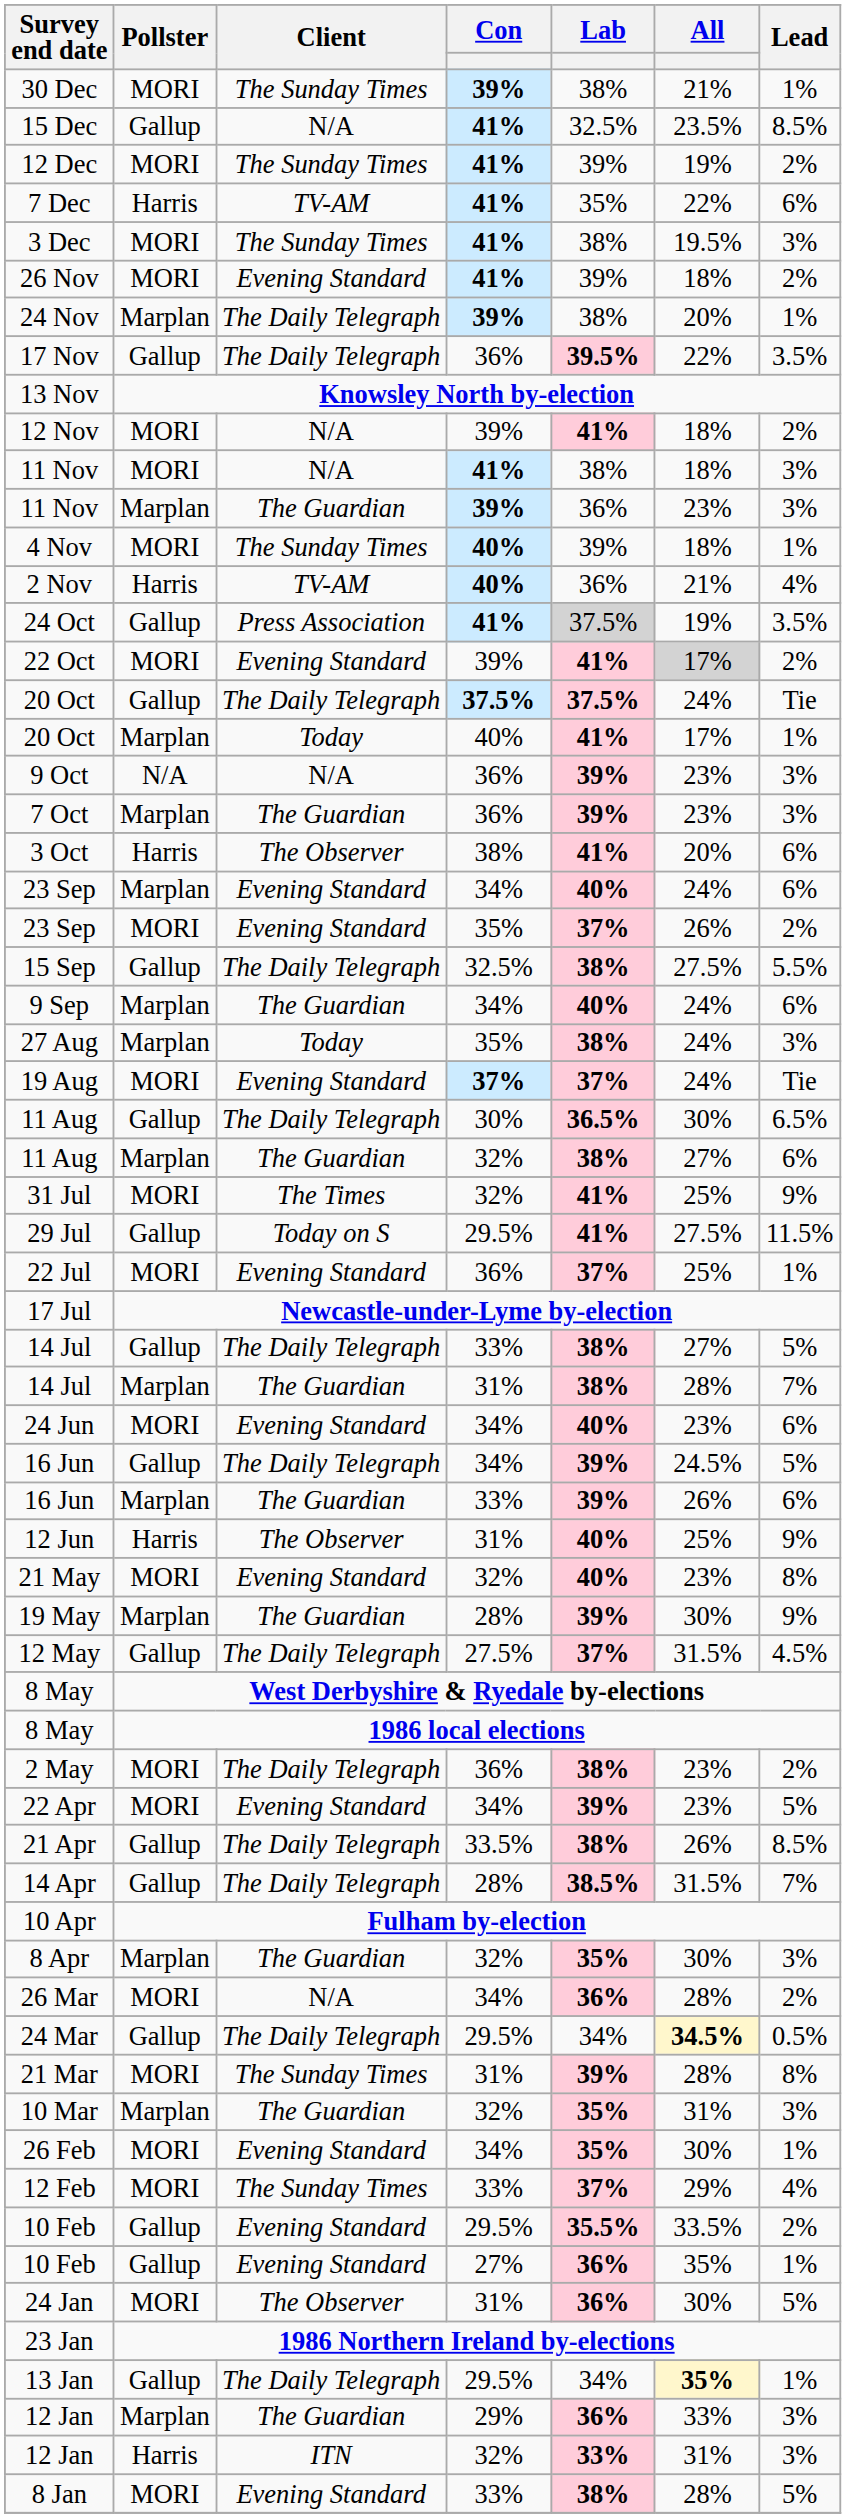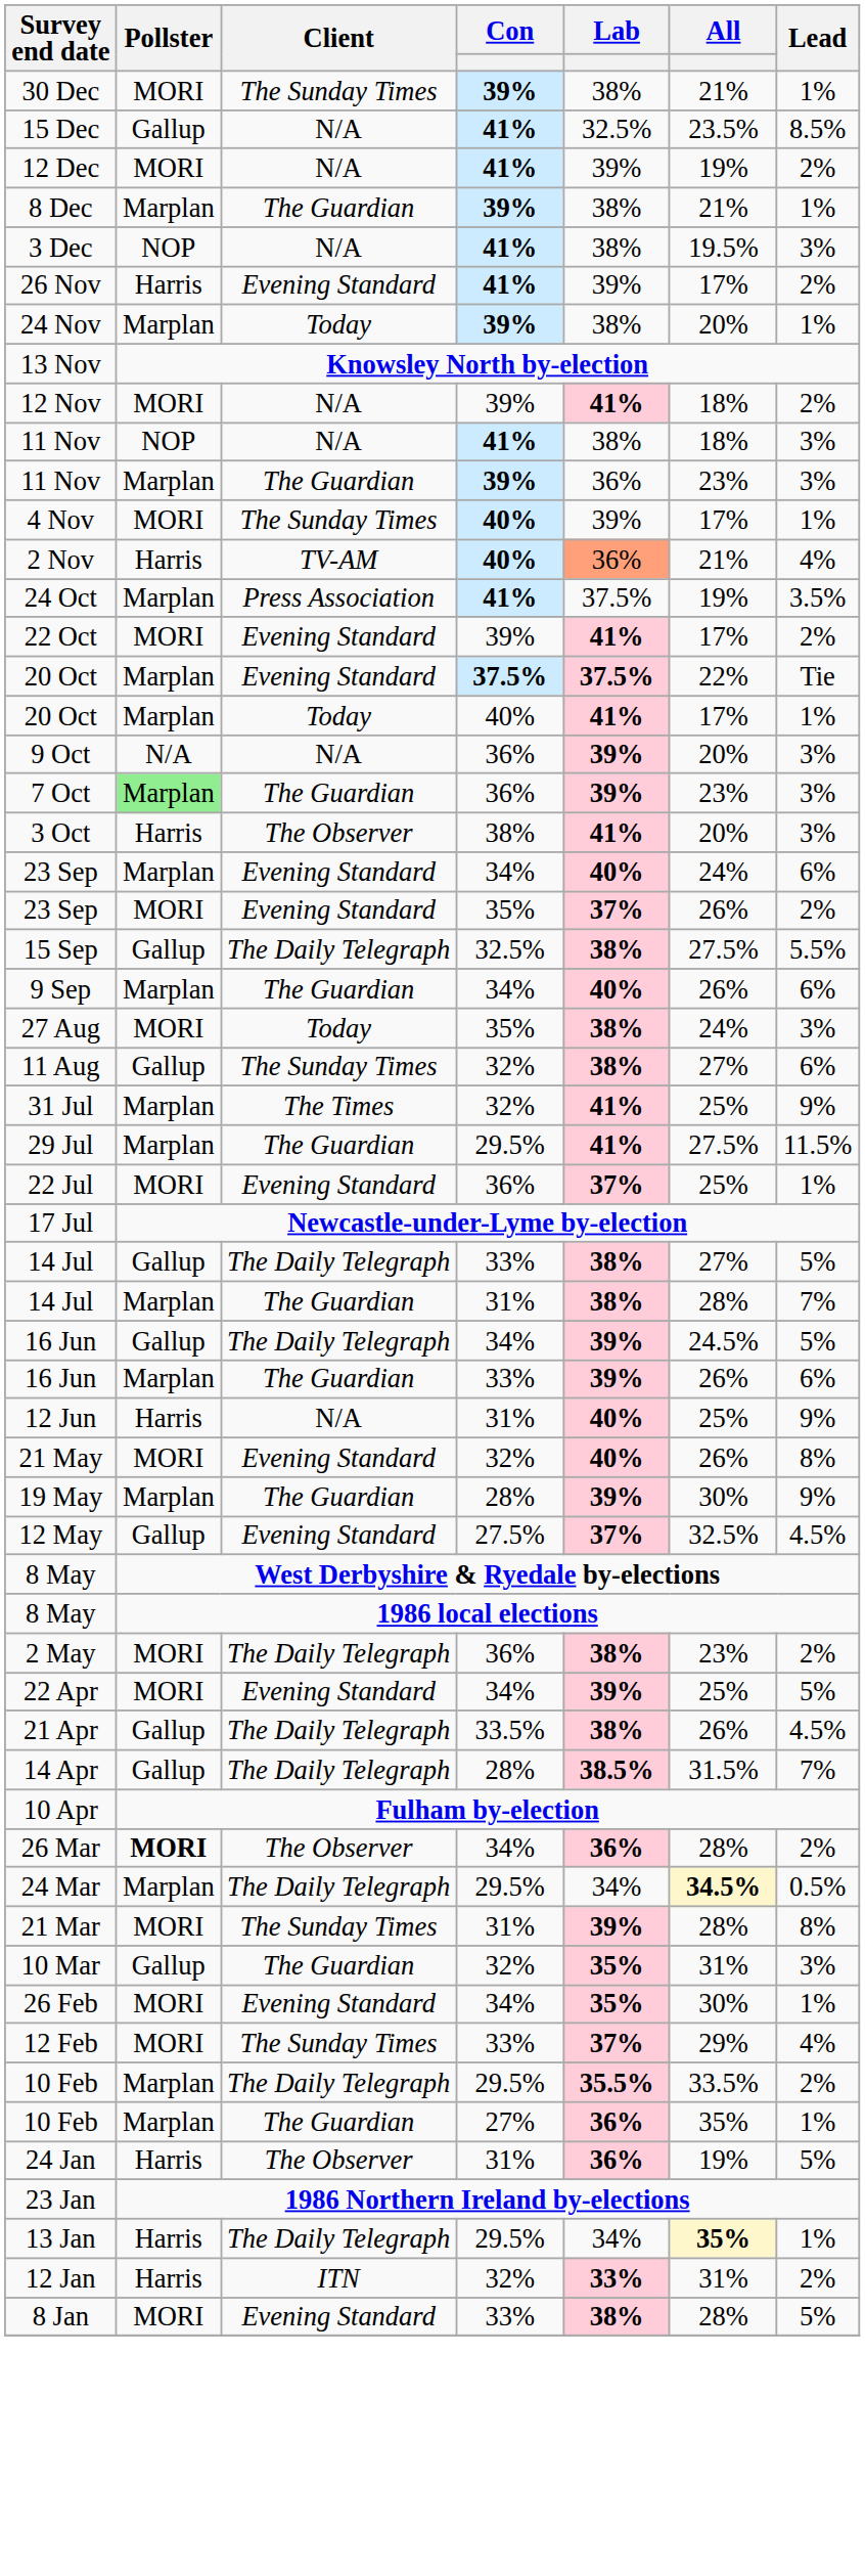 <table class="wikitable sortable mw-datatable" style="text-align:center;font-size:90%;line-height:14px;">
 <tr>
 <th rowspan="2">Survey<br>end date</th>
 <th rowspan="2">Pollster</th>
 <th rowspan="2">Client</th>
 <th class="unsortable" style="width:50px;"><a href='#'>Con</a></th>
 <th class="unsortable" style="width:50px;"><a href='#'>Lab</a></th>
 <th class="unsortable" style="width:50px;"><a href='#'>All</a></th>
 <th rowspan="2">Lead</th>
 </tr>
 <tr>
 <th style="background:"></th>
 <th style="background:"></th>
 <th style="background:"></th>
 </tr>
 <tr>
 <td>30 Dec</td>
 <td>MORI</td>
 <td><em>The Sunday Times</em></td>
 <td style="background:#CCEBFF;"><strong>39%</strong></td>
 <td>38%</td>
 <td>21%</td>
 <td style="background:">1%</td>
 </tr>
 <tr>
 <td>15 Dec</td>
 <td>Gallup</td>
 <td>N/A</td>
 <td style="background:#CCEBFF;"><strong>41%</strong></td>
 <td>32.5%</td>
 <td>23.5%</td>
 <td style="background:">8.5%</td>
 </tr>
 <tr>
 <td>12 Dec</td>
 <td>MORI</td>
-<td><em>The Sunday Times</em></td>
+<td>N/A</td>
 <td style="background:#CCEBFF;"><strong>41%</strong></td>
 <td>39%</td>
 <td>19%</td>
 <td style="background:">2%</td>
 </tr>
 <tr>
-<td>7 Dec</td>
-<td>Harris</td>
-<td><em>TV-AM</em></td>
-<td style="background:#CCEBFF;"><strong>41%</strong></td>
-<td>35%</td>
-<td>22%</td>
-<td style="background:">6%</td>
+<td>8 Dec</td>
+<td>Marplan</td>
+<td><em>The Guardian</em></td>
+<td style="background:#CCEBFF;"><strong>39%</strong></td>
+<td>38%</td>
+<td>21%</td>
+<td style="background:">1%</td>
 </tr>
 <tr>
 <td>3 Dec</td>
-<td>MORI</td>
-<td><em>The Sunday Times</em></td>
+<td>NOP</td>
+<td>N/A</td>
 <td style="background:#CCEBFF;"><strong>41%</strong></td>
 <td>38%</td>
 <td>19.5%</td>
 <td style="background:">3%</td>
 </tr>
 <tr>
 <td>26 Nov</td>
-<td>MORI</td>
+<td>Harris</td>
 <td><em>Evening Standard</em></td>
 <td style="background:#CCEBFF;"><strong>41%</strong></td>
 <td>39%</td>
-<td>18%</td>
+<td>17%</td>
 <td style="background:">2%</td>
 </tr>
 <tr>
 <td>24 Nov</td>
 <td>Marplan</td>
-<td><em>The Daily Telegraph</em></td>
+<td><em>Today</em></td>
 <td style="background:#CCEBFF;"><strong>39%</strong></td>
 <td>38%</td>
 <td>20%</td>
 <td style="background:">1%</td>
-</tr>
-<tr>
-<td>17 Nov</td>
-<td>Gallup</td>
-<td><em>The Daily Telegraph</em></td>
-<td>36%</td>
-<td style="background:#FFCCDA;"><strong>39.5%</strong></td>
-<td>22%</td>
-<td style="background:">3.5%</td>
 </tr>
 <tr>
 <td>13 Nov</td>
 <td colspan="6"><a href='#'><strong>Knowsley North by-election</strong></a></td>
 </tr>
 <tr>
 <td>12 Nov</td>
 <td>MORI</td>
 <td>N/A</td>
 <td>39%</td>
 <td style="background:#FFCCDA;"><strong>41%</strong></td>
 <td>18%</td>
 <td style="background:">2%</td>
 </tr>
 <tr>
 <td>11 Nov</td>
-<td>MORI</td>
+<td>NOP</td>
 <td>N/A</td>
 <td style="background:#CCEBFF;"><strong>41%</strong></td>
 <td>38%</td>
 <td>18%</td>
 <td style="background:">3%</td>
 </tr>
 <tr>
 <td>11 Nov</td>
 <td>Marplan</td>
 <td><em>The Guardian</em></td>
 <td style="background:#CCEBFF;"><strong>39%</strong></td>
 <td>36%</td>
 <td>23%</td>
 <td style="background:">3%</td>
 </tr>
 <tr>
 <td>4 Nov</td>
 <td>MORI</td>
 <td><em>The Sunday Times</em></td>
 <td style="background:#CCEBFF;"><strong>40%</strong></td>
 <td>39%</td>
-<td>18%</td>
+<td>17%</td>
 <td style="background:">1%</td>
 </tr>
 <tr>
 <td>2 Nov</td>
 <td>Harris</td>
 <td><em>TV-AM</em></td>
 <td style="background:#CCEBFF;"><strong>40%</strong></td>
-<td>36%</td>
+<td style="background: lightsalmon;">36%</td>
 <td>21%</td>
 <td style="background:">4%</td>
 </tr>
 <tr>
 <td>24 Oct</td>
-<td>Gallup</td>
+<td>Marplan</td>
 <td><em>Press Association</em></td>
 <td style="background:#CCEBFF;"><strong>41%</strong></td>
-<td style="background: lightgrey;">37.5%</td>
+<td>37.5%</td>
 <td>19%</td>
 <td style="background:">3.5%</td>
 </tr>
 <tr>
 <td>22 Oct</td>
 <td>MORI</td>
 <td><em>Evening Standard</em></td>
 <td>39%</td>
 <td style="background:#FFCCDA;"><strong>41%</strong></td>
-<td style="background: lightgrey;">17%</td>
+<td>17%</td>
 <td style="background:">2%</td>
 </tr>
 <tr>
 <td>20 Oct</td>
-<td>Gallup</td>
-<td><em>The Daily Telegraph</em></td>
+<td>Marplan</td>
+<td><em>Evening Standard</em></td>
 <td style="background:#CCEBFF;"><strong>37.5%</strong></td>
 <td style="background:#FFCCDA;"><strong>37.5%</strong></td>
-<td>24%</td>
+<td>22%</td>
 <td>Tie</td>
 </tr>
 <tr>
 <td>20 Oct</td>
 <td>Marplan</td>
 <td><em>Today</em></td>
 <td>40%</td>
 <td style="background:#FFCCDA;"><strong>41%</strong></td>
 <td>17%</td>
 <td style="background:">1%</td>
 </tr>
 <tr>
 <td>9 Oct</td>
 <td>N/A</td>
 <td>N/A</td>
 <td>36%</td>
 <td style="background:#FFCCDA;"><strong>39%</strong></td>
-<td>23%</td>
+<td>20%</td>
 <td style="background:">3%</td>
 </tr>
 <tr>
 <td>7 Oct</td>
-<td>Marplan</td>
+<td style="background: lightgreen;">Marplan</td>
 <td><em>The Guardian</em></td>
 <td>36%</td>
 <td style="background:#FFCCDA;"><strong>39%</strong></td>
 <td>23%</td>
 <td style="background:">3%</td>
 </tr>
 <tr>
 <td>3 Oct</td>
 <td>Harris</td>
 <td><em>The Observer</em></td>
 <td>38%</td>
 <td style="background:#FFCCDA;"><strong>41%</strong></td>
 <td>20%</td>
-<td style="background:">6%</td>
+<td style="background:">3%</td>
 </tr>
 <tr>
 <td>23 Sep</td>
 <td>Marplan</td>
 <td><em>Evening Standard</em></td>
 <td>34%</td>
 <td style="background:#FFCCDA;"><strong>40%</strong></td>
 <td>24%</td>
 <td style="background:">6%</td>
 </tr>
 <tr>
 <td>23 Sep</td>
 <td>MORI</td>
 <td><em>Evening Standard</em></td>
 <td>35%</td>
 <td style="background:#FFCCDA;"><strong>37%</strong></td>
 <td>26%</td>
 <td style="background:">2%</td>
 </tr>
 <tr>
 <td>15 Sep</td>
 <td>Gallup</td>
 <td><em>The Daily Telegraph</em></td>
 <td>32.5%</td>
 <td style="background:#FFCCDA;"><strong>38%</strong></td>
 <td>27.5%</td>
 <td style="background:">5.5%</td>
 </tr>
 <tr>
 <td>9 Sep</td>
 <td>Marplan</td>
 <td><em>The Guardian</em></td>
 <td>34%</td>
 <td style="background:#FFCCDA;"><strong>40%</strong></td>
-<td>24%</td>
+<td>26%</td>
 <td style="background:">6%</td>
 </tr>
 <tr>
 <td>27 Aug</td>
-<td>Marplan</td>
+<td>MORI</td>
 <td><em>Today</em></td>
 <td>35%</td>
 <td style="background:#FFCCDA;"><strong>38%</strong></td>
 <td>24%</td>
 <td style="background:">3%</td>
 </tr>
 <tr>
-<td>19 Aug</td>
-<td>MORI</td>
-<td><em>Evening Standard</em></td>
-<td style="background:#CCEBFF;"><strong>37%</strong></td>
-<td style="background:#FFCCDA;"><strong>37%</strong></td>
-<td>24%</td>
-<td>Tie</td>
-</tr>
-<tr>
 <td>11 Aug</td>
 <td>Gallup</td>
-<td><em>The Daily Telegraph</em></td>
-<td>30%</td>
-<td style="background:#FFCCDA;"><strong>36.5%</strong></td>
-<td>30%</td>
-<td style="background:">6.5%</td>
-</tr>
-<tr>
-<td>11 Aug</td>
-<td>Marplan</td>
-<td><em>The Guardian</em></td>
+<td><em>The Sunday Times</em></td>
 <td>32%</td>
 <td style="background:#FFCCDA;"><strong>38%</strong></td>
 <td>27%</td>
 <td style="background:">6%</td>
 </tr>
 <tr>
 <td>31 Jul</td>
-<td>MORI</td>
+<td>Marplan</td>
 <td><em>The Times</em></td>
 <td>32%</td>
 <td style="background:#FFCCDA;"><strong>41%</strong></td>
 <td>25%</td>
 <td style="background:">9%</td>
 </tr>
 <tr>
 <td>29 Jul</td>
-<td>Gallup</td>
-<td><em>Today on S</em></td>
+<td>Marplan</td>
+<td><em>The Guardian</em></td>
 <td>29.5%</td>
 <td style="background:#FFCCDA;"><strong>41%</strong></td>
 <td>27.5%</td>
 <td style="background:">11.5%</td>
 </tr>
 <tr>
 <td>22 Jul</td>
 <td>MORI</td>
 <td><em>Evening Standard</em></td>
 <td>36%</td>
 <td style="background:#FFCCDA;"><strong>37%</strong></td>
 <td>25%</td>
 <td style="background:">1%</td>
 </tr>
 <tr>
 <td>17 Jul</td>
 <td colspan="6"><a href='#'><strong>Newcastle-under-Lyme by-election</strong></a></td>
 </tr>
 <tr>
 <td>14 Jul</td>
 <td>Gallup</td>
 <td><em>The Daily Telegraph</em></td>
 <td>33%</td>
 <td style="background:#FFCCDA;"><strong>38%</strong></td>
 <td>27%</td>
 <td style="background:">5%</td>
 </tr>
 <tr>
 <td>14 Jul</td>
 <td>Marplan</td>
 <td><em>The Guardian</em></td>
 <td>31%</td>
 <td style="background:#FFCCDA;"><strong>38%</strong></td>
 <td>28%</td>
 <td style="background:">7%</td>
 </tr>
 <tr>
-<td>24 Jun</td>
-<td>MORI</td>
-<td><em>Evening Standard</em></td>
-<td>34%</td>
-<td style="background:#FFCCDA;"><strong>40%</strong></td>
-<td>23%</td>
-<td style="background:">6%</td>
-</tr>
-<tr>
 <td>16 Jun</td>
 <td>Gallup</td>
 <td><em>The Daily Telegraph</em></td>
 <td>34%</td>
 <td style="background:#FFCCDA;"><strong>39%</strong></td>
 <td>24.5%</td>
 <td style="background:">5%</td>
 </tr>
 <tr>
 <td>16 Jun</td>
 <td>Marplan</td>
 <td><em>The Guardian</em></td>
 <td>33%</td>
 <td style="background:#FFCCDA;"><strong>39%</strong></td>
 <td>26%</td>
 <td style="background:">6%</td>
 </tr>
 <tr>
 <td>12 Jun</td>
 <td>Harris</td>
-<td><em>The Observer</em></td>
+<td>N/A</td>
 <td>31%</td>
 <td style="background:#FFCCDA;"><strong>40%</strong></td>
 <td>25%</td>
 <td style="background:">9%</td>
 </tr>
 <tr>
 <td>21 May</td>
 <td>MORI</td>
 <td><em>Evening Standard</em></td>
 <td>32%</td>
 <td style="background:#FFCCDA;"><strong>40%</strong></td>
-<td>23%</td>
+<td>26%</td>
 <td style="background:">8%</td>
 </tr>
 <tr>
 <td>19 May</td>
 <td>Marplan</td>
 <td><em>The Guardian</em></td>
 <td>28%</td>
 <td style="background:#FFCCDA;"><strong>39%</strong></td>
 <td>30%</td>
 <td style="background:">9%</td>
 </tr>
 <tr>
 <td>12 May</td>
 <td>Gallup</td>
-<td><em>The Daily Telegraph</em></td>
+<td><em>Evening Standard</em></td>
 <td>27.5%</td>
 <td style="background:#FFCCDA;"><strong>37%</strong></td>
-<td>31.5%</td>
+<td>32.5%</td>
 <td style="background:">4.5%</td>
 </tr>
 <tr>
 <td>8 May</td>
 <td colspan="6"><strong><a href='#'>West Derbyshire</a> & <a href='#'>Ryedale</a> by-elections</strong></td>
 </tr>
 <tr>
 <td>8 May</td>
 <td colspan="6"><a href='#'><strong>1986 local elections</strong></a></td>
 </tr>
 <tr>
 <td>2 May</td>
 <td>MORI</td>
 <td><em>The Daily Telegraph</em></td>
 <td>36%</td>
 <td style="background:#FFCCDA;"><strong>38%</strong></td>
 <td>23%</td>
 <td style="background:">2%</td>
 </tr>
 <tr>
 <td>22 Apr</td>
 <td>MORI</td>
 <td><em>Evening Standard</em></td>
 <td>34%</td>
 <td style="background:#FFCCDA;"><strong>39%</strong></td>
-<td>23%</td>
+<td>25%</td>
 <td style="background:">5%</td>
 </tr>
 <tr>
 <td>21 Apr</td>
 <td>Gallup</td>
 <td><em>The Daily Telegraph</em></td>
 <td>33.5%</td>
 <td style="background:#FFCCDA;"><strong>38%</strong></td>
 <td>26%</td>
-<td style="background:">8.5%</td>
+<td style="background:">4.5%</td>
 </tr>
 <tr>
 <td>14 Apr</td>
 <td>Gallup</td>
 <td><em>The Daily Telegraph</em></td>
 <td>28%</td>
 <td style="background:#FFCCDA;"><strong>38.5%</strong></td>
 <td>31.5%</td>
 <td style="background:">7%</td>
 </tr>
 <tr>
 <td>10 Apr</td>
 <td colspan="6"><a href='#'><strong>Fulham by-election</strong></a></td>
 </tr>
 <tr>
-<td>8 Apr</td>
-<td>Marplan</td>
-<td><em>The Guardian</em></td>
-<td>32%</td>
-<td style="background:#FFCCDA;"><strong>35%</strong></td>
-<td>30%</td>
-<td style="background:">3%</td>
-</tr>
-<tr>
 <td>26 Mar</td>
-<td>MORI</td>
-<td>N/A</td>
+<td><strong>MORI</strong></td>
+<td><em>The Observer</em></td>
 <td>34%</td>
 <td style="background:#FFCCDA;"><strong>36%</strong></td>
 <td>28%</td>
 <td style="background:">2%</td>
 </tr>
 <tr>
 <td>24 Mar</td>
-<td>Gallup</td>
+<td>Marplan</td>
 <td><em>The Daily Telegraph</em></td>
 <td>29.5%</td>
 <td>34%</td>
 <td style="background:#FFF7CC"><strong>34.5%</strong></td>
 <td style="background:">0.5%</td>
 </tr>
 <tr>
 <td>21 Mar</td>
 <td>MORI</td>
 <td><em>The Sunday Times</em></td>
 <td>31%</td>
 <td style="background:#FFCCDA;"><strong>39%</strong></td>
 <td>28%</td>
 <td style="background:">8%</td>
 </tr>
 <tr>
 <td>10 Mar</td>
-<td>Marplan</td>
+<td>Gallup</td>
 <td><em>The Guardian</em></td>
 <td>32%</td>
 <td style="background:#FFCCDA;"><strong>35%</strong></td>
 <td>31%</td>
 <td style="background:">3%</td>
 </tr>
 <tr>
 <td>26 Feb</td>
 <td>MORI</td>
 <td><em>Evening Standard</em></td>
 <td>34%</td>
 <td style="background:#FFCCDA;"><strong>35%</strong></td>
 <td>30%</td>
 <td style="background:">1%</td>
 </tr>
 <tr>
 <td>12 Feb</td>
 <td>MORI</td>
 <td><em>The Sunday Times</em></td>
 <td>33%</td>
 <td style="background:#FFCCDA;"><strong>37%</strong></td>
 <td>29%</td>
 <td style="background:">4%</td>
 </tr>
 <tr>
 <td>10 Feb</td>
-<td>Gallup</td>
-<td><em>Evening Standard</em></td>
+<td>Marplan</td>
+<td><em>The Daily Telegraph</em></td>
 <td>29.5%</td>
 <td style="background:#FFCCDA;"><strong>35.5%</strong></td>
 <td>33.5%</td>
 <td style="background:">2%</td>
 </tr>
 <tr>
 <td>10 Feb</td>
-<td>Gallup</td>
-<td><em>Evening Standard</em></td>
+<td>Marplan</td>
+<td><em>The Guardian</em></td>
 <td>27%</td>
 <td style="background:#FFCCDA;"><strong>36%</strong></td>
 <td>35%</td>
 <td style="background:">1%</td>
 </tr>
 <tr>
 <td>24 Jan</td>
-<td>MORI</td>
+<td>Harris</td>
 <td><em>The Observer</em></td>
 <td>31%</td>
 <td style="background:#FFCCDA;"><strong>36%</strong></td>
-<td>30%</td>
+<td>19%</td>
 <td style="background:">5%</td>
 </tr>
 <tr>
 <td>23 Jan</td>
 <td colspan="6"><strong><a href='#'>1986 Northern Ireland by-elections</a></strong></td>
 </tr>
 <tr>
 <td>13 Jan</td>
-<td>Gallup</td>
+<td>Harris</td>
 <td><em>The Daily Telegraph</em></td>
 <td>29.5%</td>
 <td>34%</td>
 <td style="background:#FFF7CC"><strong>35%</strong></td>
 <td style="background:">1%</td>
 </tr>
 <tr>
 <td>12 Jan</td>
-<td>Marplan</td>
-<td><em>The Guardian</em></td>
-<td>29%</td>
-<td style="background:#FFCCDA;"><strong>36%</strong></td>
-<td>33%</td>
-<td style="background:">3%</td>
-</tr>
-<tr>
-<td>12 Jan</td>
 <td>Harris</td>
 <td><em>ITN</em></td>
 <td>32%</td>
 <td style="background:#FFCCDA;"><strong>33%</strong></td>
 <td>31%</td>
-<td style="background:">3%</td>
+<td style="background:">2%</td>
 </tr>
 <tr>
 <td>8 Jan</td>
 <td>MORI</td>
 <td><em>Evening Standard</em></td>
 <td>33%</td>
 <td style="background:#FFCCDA;"><strong>38%</strong></td>
 <td>28%</td>
 <td style="background:">5%</td>
 </tr>
 <tr>
 </tr>
 </table>
